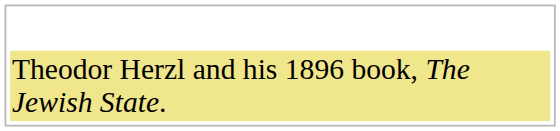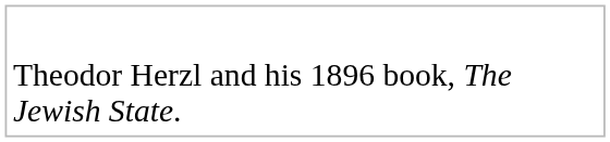 <table style="margin:10px; border:solid 1px #bbb; width:298px; float:left;">
 <tr>
 <td style="text-align:center;"><br> </td>
 </tr>
 <tr>
-<td style="background: khaki;">Theodor Herzl and his 1896 book, <em>The Jewish State</em>.</td>
+<td>Theodor Herzl and his 1896 book, <em>The Jewish State</em>.</td>
 </tr>
 </table>
